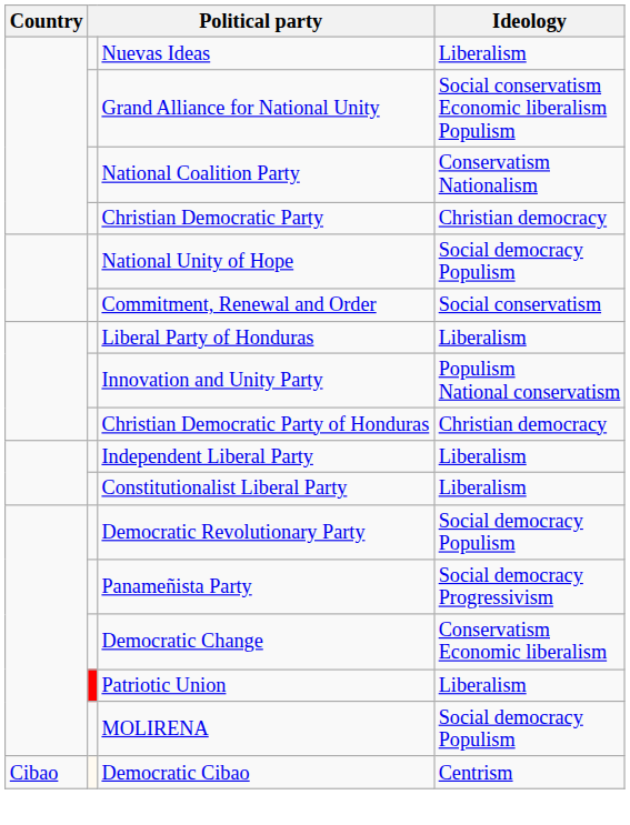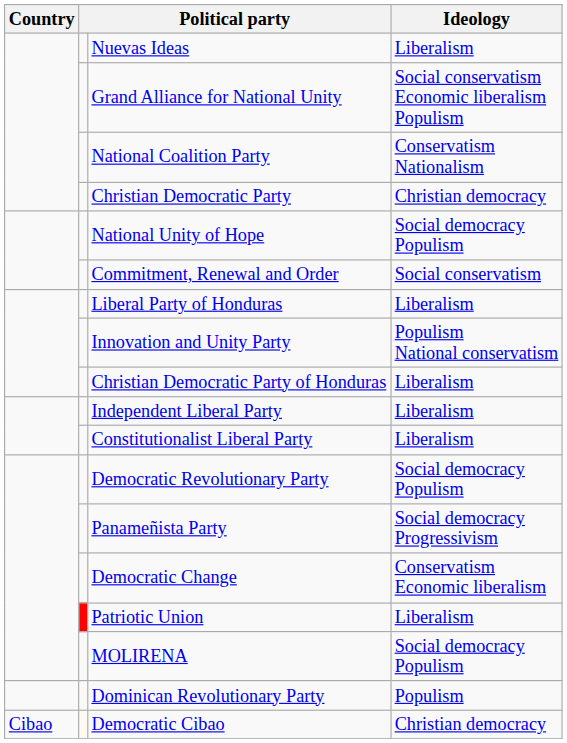 <table class="wikitable sortable">
 <tr>
 <th>Country</th>
 <th colspan="2">Political party</th>
 <th>Ideology</th>
 </tr>
 <tr>
 <td rowspan="4"></td>
 <td style="background:"></td>
 <td><a href='#'>Nuevas Ideas</a></td>
 <td><a href='#'>Liberalism</a></td>
 </tr>
 <tr>
 <td style="background:"></td>
 <td><a href='#'>Grand Alliance for National Unity</a></td>
 <td><a href='#'>Social conservatism</a><br><a href='#'>Economic liberalism</a><br><a href='#'>Populism</a></td>
 </tr>
 <tr>
 <td style="background:"></td>
 <td><a href='#'>National Coalition Party</a></td>
 <td><a href='#'>Conservatism</a><br><a href='#'>Nationalism</a></td>
 </tr>
 <tr>
 <td style="background:"></td>
 <td><a href='#'>Christian Democratic Party</a></td>
 <td><a href='#'>Christian democracy</a></td>
 </tr>
 <tr>
 <td rowspan="2"></td>
 <td style="background:"></td>
 <td><a href='#'>National Unity of Hope</a></td>
 <td><a href='#'>Social democracy</a><br><a href='#'>Populism</a></td>
 </tr>
 <tr>
 <td style="background:"></td>
 <td><a href='#'>Commitment, Renewal and Order</a></td>
 <td><a href='#'>Social conservatism</a></td>
 </tr>
 <tr>
 <td rowspan="3"></td>
 <td style="background:"></td>
 <td><a href='#'>Liberal Party of Honduras</a></td>
 <td><a href='#'>Liberalism</a></td>
 </tr>
 <tr>
 <td style="background:"></td>
 <td><a href='#'>Innovation and Unity Party</a></td>
 <td><a href='#'>Populism</a><br><a href='#'>National conservatism</a></td>
 </tr>
 <tr>
 <td style="background:"></td>
 <td><a href='#'>Christian Democratic Party of Honduras</a></td>
-<td><a href='#'>Christian democracy</a></td>
+<td><a href='#'>Liberalism</a></td>
 </tr>
 <tr>
 <td rowspan="2"></td>
 <td style="background:"></td>
 <td><a href='#'>Independent Liberal Party</a></td>
 <td><a href='#'>Liberalism</a></td>
 </tr>
 <tr>
 <td style="background:"></td>
 <td><a href='#'>Constitutionalist Liberal Party</a></td>
 <td><a href='#'>Liberalism</a></td>
 </tr>
 <tr>
 <td rowspan="5"></td>
 <td style="background:"></td>
 <td><a href='#'>Democratic Revolutionary Party</a></td>
 <td><a href='#'>Social democracy</a><br><a href='#'>Populism</a></td>
 </tr>
 <tr>
 <td style="background:"></td>
 <td><a href='#'>Panameñista Party</a></td>
 <td><a href='#'>Social democracy</a><br><a href='#'>Progressivism</a></td>
 </tr>
 <tr>
 <td style="background:"></td>
 <td><a href='#'>Democratic Change</a></td>
 <td><a href='#'>Conservatism</a><br><a href='#'>Economic liberalism</a></td>
 </tr>
 <tr>
 <td style="background:red"></td>
 <td><a href='#'>Patriotic Union</a></td>
 <td><a href='#'>Liberalism</a></td>
 </tr>
 <tr>
 <td style="background:"></td>
 <td><a href='#'>MOLIRENA</a></td>
 <td><a href='#'>Social democracy</a><br><a href='#'>Populism</a></td>
 </tr>
 <tr>
+<td></td>
+<td style="background:"></td>
+<td><a href='#'>Dominican Revolutionary Party</a></td>
+<td><a href='#'>Populism</a></td>
+</tr>
+<tr>
 <td><a href='#'>Cibao</a></td>
 <td style="background:#FFFAF0"></td>
 <td><a href='#'>Democratic Cibao</a></td>
-<td><a href='#'>Centrism</a></td>
+<td><a href='#'>Christian democracy</a></td>
 </tr>
 </table>
